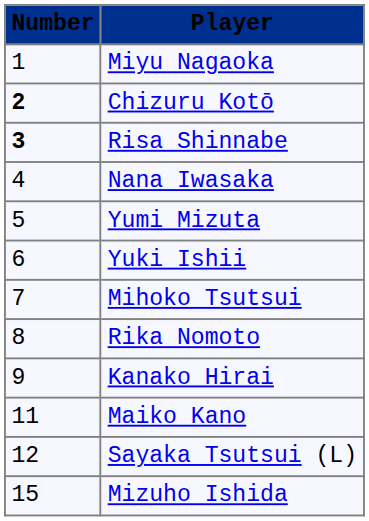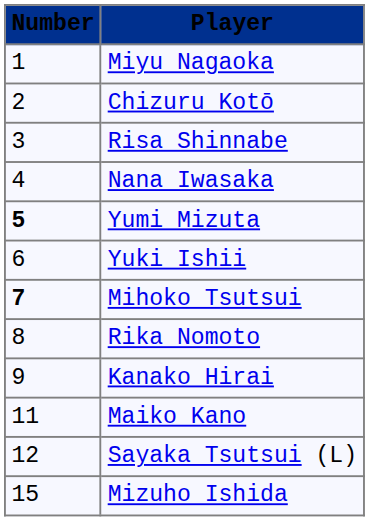 <table cellpadding="3" cellspacing="0" border="1" style="background: #f7f8ff; font-size: 95%; border: gray solid 1px; border-collapse: collapse;">
 <tr style="background: #00308F">
 <td align=center><strong>Number</strong></td>
 <td align=center><strong>Player</strong></td>
 </tr>
 <tr align=left>
 <td>1</td>
 <td> <a href='#'>Miyu Nagaoka</a></td>
 </tr>
 <tr align=left>
-<td><strong>2</strong></td>
+<td>2</td>
 <td> <a href='#'>Chizuru Kotō</a></td>
 </tr>
 <tr align=left>
-<td><strong>3</strong></td>
+<td>3</td>
 <td> <a href='#'>Risa Shinnabe</a></td>
 </tr>
 <tr align=left>
 <td>4</td>
 <td> <a href='#'>Nana Iwasaka</a></td>
 </tr>
 <tr align=left>
-<td>5</td>
+<td><strong>5</strong></td>
 <td> <a href='#'>Yumi Mizuta</a></td>
 </tr>
 <tr align=left>
 <td>6</td>
 <td> <a href='#'>Yuki Ishii</a></td>
 </tr>
 <tr align=left>
-<td>7</td>
+<td><strong>7</strong></td>
 <td> <a href='#'>Mihoko Tsutsui</a></td>
 </tr>
 <tr align=left>
 <td>8</td>
 <td> <a href='#'>Rika Nomoto</a></td>
 </tr>
 <tr align=left>
 <td>9</td>
 <td> <a href='#'>Kanako Hirai</a></td>
 </tr>
 <tr align=left>
 <td>11</td>
 <td> <a href='#'>Maiko Kano</a></td>
 </tr>
 <tr align=left>
 <td>12</td>
 <td> <a href='#'>Sayaka Tsutsui</a> (L)</td>
 </tr>
 <tr align=left>
 <td>15</td>
 <td> <a href='#'>Mizuho Ishida</a></td>
 </tr>
 </table>
